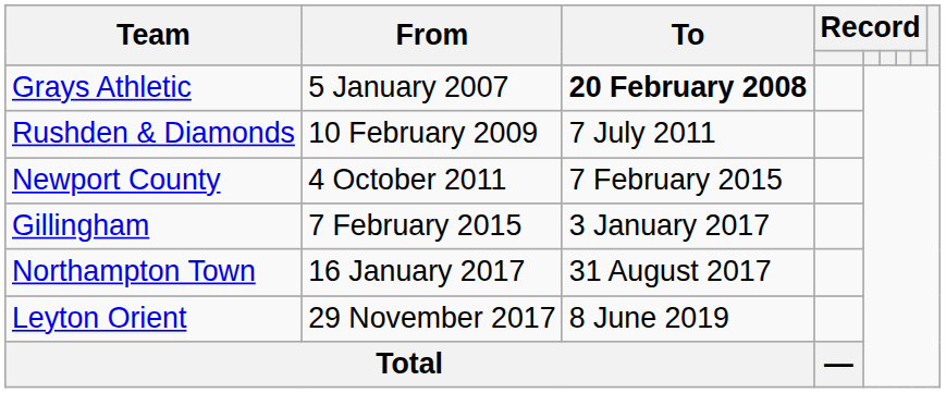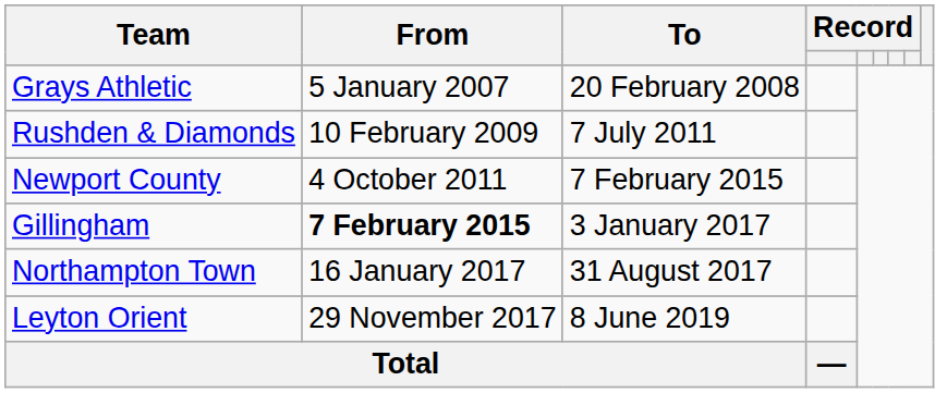 <table class=wikitable style=text-align:center>
 <tr>
 <th rowspan=2>Team</th>
 <th rowspan=2>From</th>
 <th rowspan=2>To</th>
 <th colspan=5>Record</th>
 <th rowspan=2></th>
 </tr>
 <tr>
 <th></th>
 <th></th>
 <th></th>
 <th></th>
 <th></th>
 </tr>
 <tr>
 <td align=left><a href='#'>Grays Athletic</a></td>
 <td align=left>5 January 2007</td>
-<td align=left><strong>20 February 2008<br></strong></td>
+<td align=left>20 February 2008<br></td>
 <td></td>
 </tr>
 <tr>
 <td align=left><a href='#'>Rushden & Diamonds</a></td>
 <td align=left>10 February 2009</td>
 <td align=left>7 July 2011<br></td>
 <td></td>
 </tr>
 <tr>
 <td align=left><a href='#'>Newport County</a></td>
 <td align=left>4 October 2011</td>
 <td align=left>7 February 2015<br></td>
 <td></td>
 </tr>
 <tr>
 <td align=left><a href='#'>Gillingham</a></td>
-<td align=left>7 February 2015</td>
+<td align=left><strong>7 February 2015</strong></td>
 <td align=left>3 January 2017<br></td>
 <td></td>
 </tr>
 <tr>
 <td align=left><a href='#'>Northampton Town</a></td>
 <td align=left>16 January 2017</td>
 <td align=left>31 August 2017<br></td>
 <td></td>
 </tr>
 <tr>
 <td align=left><a href='#'>Leyton Orient</a></td>
 <td align=left>29 November 2017</td>
 <td align=left>8 June 2019<br></td>
 <td></td>
 </tr>
 <tr>
 <th colspan=3>Total<br></th>
 <th>—</th>
 </tr>
 </table>
